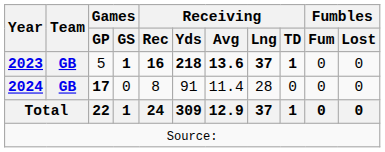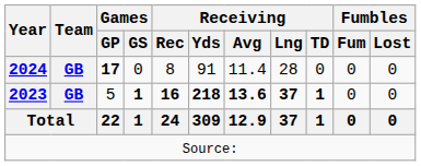 <table class="wikitable" style="text-align: center;">
 <tr>
 <th rowspan="2">Year</th>
 <th rowspan="2">Team</th>
 <th colspan="2">Games</th>
 <th colspan="5">Receiving</th>
 <th colspan="2">Fumbles</th>
 </tr>
 <tr>
 <th>GP</th>
 <th>GS</th>
 <th>Rec</th>
 <th>Yds</th>
 <th>Avg</th>
 <th>Lng</th>
 <th>TD</th>
 <th>Fum</th>
 <th>Lost</th>
 </tr>
 <tr>
+<th><a href='#'>2024</a></th>
+<th><a href='#'>GB</a></th>
+<td><strong>17</strong></td>
+<td>0</td>
+<td>8</td>
+<td>91</td>
+<td>11.4</td>
+<td>28</td>
+<td>0</td>
+<td>0</td>
+<td>0</td>
+</tr>
+<tr>
 <th><a href='#'>2023</a></th>
 <th><a href='#'>GB</a></th>
 <td>5</td>
 <td><strong>1</strong></td>
 <td><strong>16</strong></td>
 <td><strong>218</strong></td>
 <td><strong>13.6</strong></td>
 <td><strong>37</strong></td>
 <td><strong>1</strong></td>
-<td>0</td>
-<td>0</td>
-</tr>
-<tr>
-<th><a href='#'>2024</a></th>
-<th><a href='#'>GB</a></th>
-<td><strong>17</strong></td>
-<td>0</td>
-<td>8</td>
-<td>91</td>
-<td>11.4</td>
-<td>28</td>
-<td>0</td>
 <td>0</td>
 <td>0</td>
 </tr>
 <tr>
 <th colspan="2">Total</th>
 <th>22</th>
 <th>1</th>
 <th>24</th>
 <th>309</th>
 <th>12.9</th>
 <th>37</th>
 <th>1</th>
 <th>0</th>
 <th>0</th>
 </tr>
 <tr>
 <td colspan="11"><small>Source: </small></td>
 </tr>
 </table>
